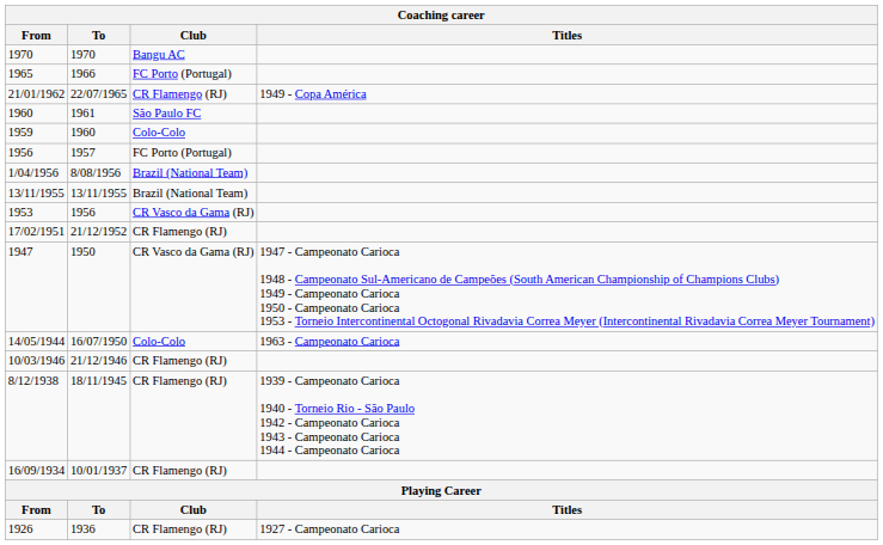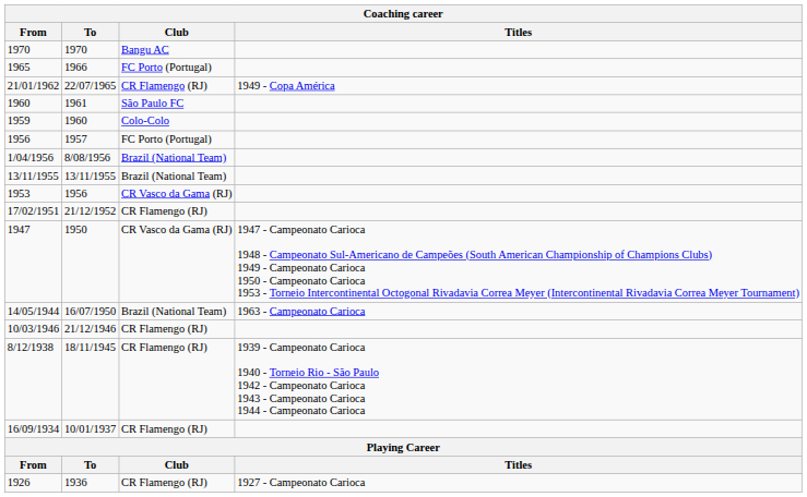 <table class=wikitable>
 <tr>
 <th colspan=4>Coaching career</th>
 </tr>
 <tr>
 <th>From</th>
 <th>To</th>
 <th>Club</th>
 <th>Titles</th>
 </tr>
 <tr>
 <td>1970</td>
 <td>1970</td>
 <td><a href='#'>Bangu AC</a></td>
 <td></td>
 </tr>
 <tr>
 <td>1965</td>
 <td>1966</td>
 <td><a href='#'>FC Porto</a> (Portugal)</td>
 <td></td>
 </tr>
 <tr>
 <td>21/01/1962</td>
 <td>22/07/1965</td>
 <td><a href='#'>CR Flamengo</a> (RJ)</td>
 <td>1949 - <a href='#'>Copa América</a></td>
 </tr>
 <tr>
 <td>1960</td>
 <td>1961</td>
 <td><a href='#'>São Paulo FC</a></td>
 <td></td>
 </tr>
 <tr>
 <td>1959</td>
 <td>1960</td>
 <td><a href='#'>Colo-Colo</a></td>
 <td></td>
 </tr>
 <tr>
 <td>1956</td>
 <td>1957</td>
 <td>FC Porto (Portugal)</td>
 <td></td>
 </tr>
 <tr>
 <td>1/04/1956</td>
 <td>8/08/1956</td>
 <td><a href='#'>Brazil (National Team)</a></td>
 <td></td>
 </tr>
 <tr>
 <td>13/11/1955</td>
 <td>13/11/1955</td>
 <td>Brazil (National Team)</td>
 <td></td>
 </tr>
 <tr>
 <td>1953</td>
 <td>1956</td>
 <td><a href='#'>CR Vasco da Gama</a> (RJ)</td>
 <td></td>
 </tr>
 <tr>
 <td>17/02/1951</td>
 <td>21/12/1952</td>
 <td>CR Flamengo (RJ)</td>
 <td></td>
 </tr>
 <tr style="vertical-align:top">
 <td>1947</td>
 <td>1950</td>
 <td>CR Vasco da Gama (RJ)</td>
 <td>1947 - Campeonato Carioca<br><br>1948 - <a href='#'>Campeonato Sul-Americano de Campeões (South American Championship of Champions Clubs)</a><br> 1949 - Campeonato Carioca<br> 1950 - Campeonato Carioca<br> 1953 - <a href='#'>Torneio Intercontinental Octogonal Rivadavia Correa Meyer (Intercontinental Rivadavia Correa Meyer Tournament)</a></td>
 </tr>
 <tr>
 <td>14/05/1944</td>
 <td>16/07/1950</td>
-<td><a href='#'>Colo-Colo</a></td>
+<td>Brazil (National Team)</td>
 <td>1963 - <a href='#'>Campeonato Carioca</a></td>
 </tr>
 <tr>
 <td>10/03/1946</td>
 <td>21/12/1946</td>
 <td>CR Flamengo (RJ)</td>
 <td></td>
 </tr>
 <tr style="vertical-align:top">
 <td>8/12/1938</td>
 <td>18/11/1945</td>
 <td>CR Flamengo (RJ)</td>
 <td>1939 - Campeonato Carioca<br><br>1940 - <a href='#'>Torneio Rio - São Paulo</a><br> 1942 - Campeonato Carioca<br> 1943 - Campeonato Carioca<br> 1944 - Campeonato Carioca</td>
 </tr>
 <tr>
 <td>16/09/1934</td>
 <td>10/01/1937</td>
 <td>CR Flamengo (RJ)</td>
 <td></td>
 </tr>
 <tr>
 <th colspan=4>Playing Career</th>
 </tr>
 <tr>
 <th>From</th>
 <th>To</th>
 <th>Club</th>
 <th>Titles</th>
 </tr>
 <tr>
 <td>1926</td>
 <td>1936</td>
 <td>CR Flamengo (RJ)</td>
 <td>1927 - Campeonato Carioca</td>
 </tr>
 </table>
